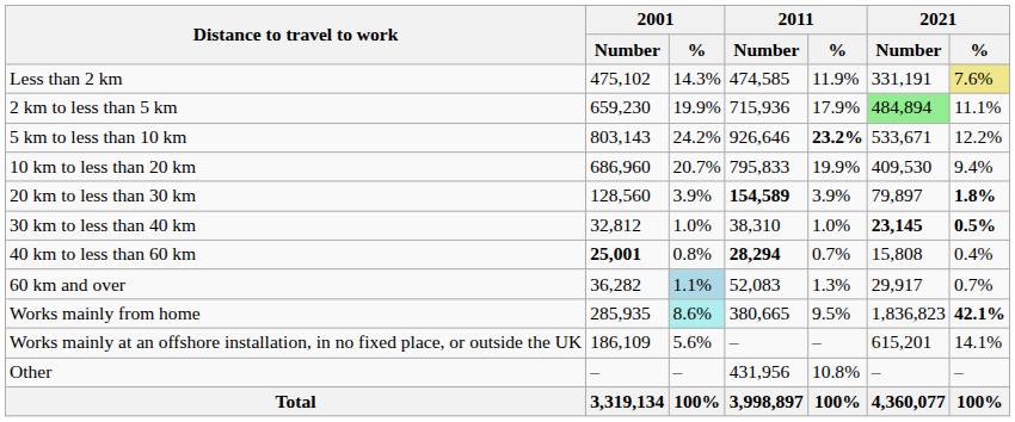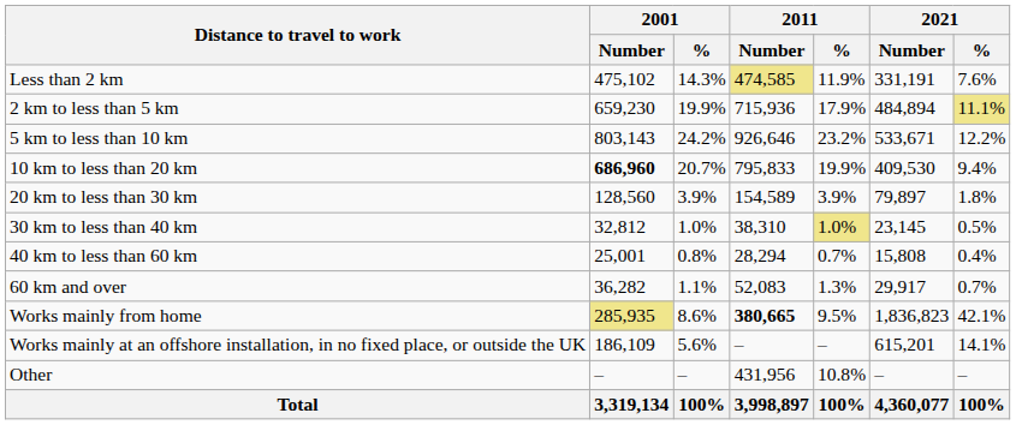 <table class="wikitable">
 <tr>
 <th rowspan="2">Distance to travel to work</th>
 <th colspan="2">2001</th>
 <th colspan="2">2011</th>
 <th colspan="2">2021</th>
 </tr>
 <tr>
 <th>Number</th>
 <th>%</th>
 <th>Number</th>
 <th>%</th>
 <th>Number</th>
 <th>%</th>
 </tr>
 <tr>
 <td>Less than 2 km</td>
 <td>475,102</td>
 <td>14.3%</td>
-<td>474,585</td>
+<td style="background: khaki;">474,585</td>
 <td>11.9%</td>
 <td>331,191</td>
-<td style="background: khaki;">7.6%</td>
+<td>7.6%</td>
 </tr>
 <tr>
 <td>2 km to less than 5 km</td>
 <td>659,230</td>
 <td>19.9%</td>
 <td>715,936</td>
 <td>17.9%</td>
-<td style="background: lightgreen;">484,894</td>
-<td>11.1%</td>
+<td>484,894</td>
+<td style="background: khaki;">11.1%</td>
 </tr>
 <tr>
 <td>5 km to less than 10 km</td>
 <td>803,143</td>
 <td>24.2%</td>
 <td>926,646</td>
-<td><strong>23.2%</strong></td>
+<td>23.2%</td>
 <td>533,671</td>
 <td>12.2%</td>
 </tr>
 <tr>
 <td>10 km to less than 20 km</td>
-<td>686,960</td>
+<td><strong>686,960</strong></td>
 <td>20.7%</td>
 <td>795,833</td>
 <td>19.9%</td>
 <td>409,530</td>
 <td>9.4%</td>
 </tr>
 <tr>
 <td>20 km to less than 30 km</td>
 <td>128,560</td>
 <td>3.9%</td>
-<td><strong>154,589</strong></td>
+<td>154,589</td>
 <td>3.9%</td>
 <td>79,897</td>
-<td><strong>1.8%</strong></td>
+<td>1.8%</td>
 </tr>
 <tr>
 <td>30 km to less than 40 km</td>
 <td>32,812</td>
 <td>1.0%</td>
 <td>38,310</td>
-<td>1.0%</td>
-<td><strong>23,145</strong></td>
-<td><strong>0.5%</strong></td>
+<td style="background: khaki;">1.0%</td>
+<td>23,145</td>
+<td>0.5%</td>
 </tr>
 <tr>
 <td>40 km to less than 60 km</td>
-<td><strong>25,001</strong></td>
+<td>25,001</td>
 <td>0.8%</td>
-<td><strong>28,294</strong></td>
+<td>28,294</td>
 <td>0.7%</td>
 <td>15,808</td>
 <td>0.4%</td>
 </tr>
 <tr>
 <td>60 km and over</td>
 <td>36,282</td>
-<td style="background: lightblue;">1.1%</td>
+<td>1.1%</td>
 <td>52,083</td>
 <td>1.3%</td>
 <td>29,917</td>
 <td>0.7%</td>
 </tr>
 <tr>
 <td>Works mainly from home</td>
-<td>285,935</td>
-<td style="background: paleturquoise;">8.6%</td>
-<td>380,665</td>
+<td style="background: khaki;">285,935</td>
+<td>8.6%</td>
+<td><strong>380,665</strong></td>
 <td>9.5%</td>
 <td>1,836,823</td>
-<td><strong>42.1%</strong></td>
+<td>42.1%</td>
 </tr>
 <tr>
 <td>Works mainly at an offshore installation, in no fixed place, or outside the UK</td>
 <td>186,109</td>
 <td>5.6%</td>
 <td>–</td>
 <td>–</td>
 <td>615,201</td>
 <td>14.1%</td>
 </tr>
 <tr>
 <td>Other</td>
 <td>–</td>
 <td>–</td>
 <td>431,956</td>
 <td>10.8%</td>
 <td>–</td>
 <td>–</td>
 </tr>
 <tr>
 <th>Total</th>
 <th>3,319,134</th>
 <th>100%</th>
 <th>3,998,897</th>
 <th>100%</th>
 <th>4,360,077</th>
 <th>100%</th>
 </tr>
 </table>
